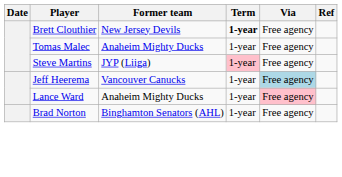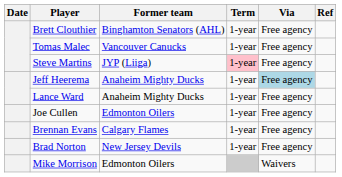 <table class="wikitable plainrowheaders">
 <tr style="background:#ddd; text-align:center;">
 <th>Date</th>
 <th>Player</th>
 <th>Former team</th>
 <th>Term</th>
 <th>Via</th>
 <th>Ref</th>
 </tr>
 <tr>
 <th scope="row" rowspan=3></th>
 <td><a href='#'>Brett Clouthier</a></td>
-<td><a href='#'>New Jersey Devils</a></td>
-<td><strong>1-year</strong></td>
+<td><a href='#'>Binghamton Senators</a> (<a href='#'>AHL</a>)</td>
+<td>1-year</td>
 <td>Free agency</td>
 <td></td>
 </tr>
 <tr>
 <td><a href='#'>Tomas Malec</a></td>
-<td><a href='#'>Anaheim Mighty Ducks</a></td>
+<td><a href='#'>Vancouver Canucks</a></td>
 <td>1-year</td>
 <td>Free agency</td>
 <td></td>
 </tr>
 <tr>
 <td><a href='#'>Steve Martins</a></td>
 <td><a href='#'>JYP</a> (<a href='#'>Liiga</a>)</td>
 <td style="background: pink;">1-year</td>
 <td>Free agency</td>
 <td></td>
 </tr>
 <tr>
 <th scope="row" rowspan=2></th>
 <td><a href='#'>Jeff Heerema</a></td>
-<td><a href='#'>Vancouver Canucks</a></td>
+<td><a href='#'>Anaheim Mighty Ducks</a></td>
 <td>1-year</td>
 <td style="background: lightblue;">Free agency</td>
 <td></td>
 </tr>
 <tr>
 <td><a href='#'>Lance Ward</a></td>
 <td>Anaheim Mighty Ducks</td>
 <td>1-year</td>
-<td style="background: pink;">Free agency</td>
+<td>Free agency</td>
+<td></td>
+</tr>
+<tr>
+<th scope="row"></th>
+<td>Joe Cullen</td>
+<td><a href='#'>Edmonton Oilers</a></td>
+<td>1-year</td>
+<td>Free agency</td>
+<td></td>
+</tr>
+<tr>
+<th scope="row"></th>
+<td><a href='#'>Brennan Evans</a></td>
+<td><a href='#'>Calgary Flames</a></td>
+<td>1-year</td>
+<td>Free agency</td>
 <td></td>
 </tr>
 <tr>
 <th scope="row"></th>
 <td><a href='#'>Brad Norton</a></td>
-<td><a href='#'>Binghamton Senators</a> (<a href='#'>AHL</a>)</td>
+<td><a href='#'>New Jersey Devils</a></td>
 <td>1-year</td>
 <td>Free agency</td>
 <td></td>
 </tr>
+<tr>
+<th scope="row"></th>
+<td><a href='#'>Mike Morrison</a></td>
+<td>Edmonton Oilers</td>
+<td style="background:#ccc"></td>
+<td>Waivers</td>
+<td></td>
+</tr>
 </table>
